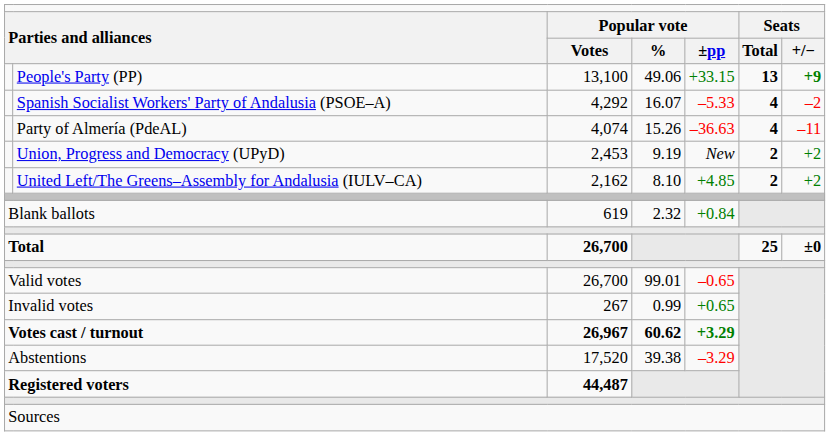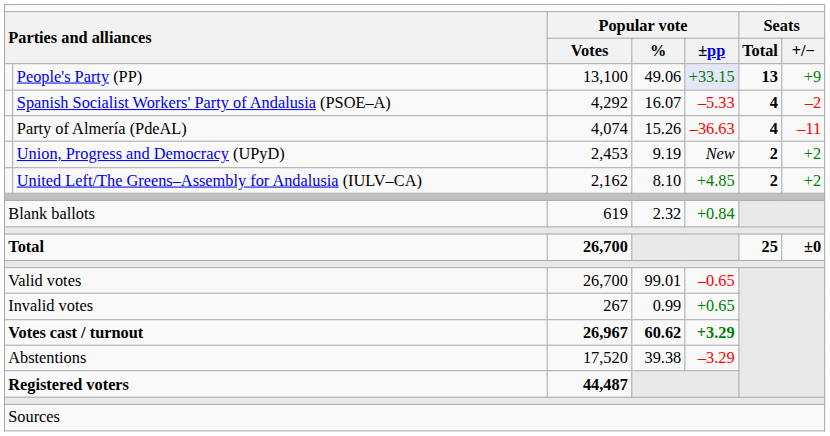 <table class="wikitable" style="text-align:right;">
 <tr>
 <td colspan="7"></td>
 </tr>
 <tr>
 <th style="text-align:left;" rowspan="2" colspan="2" width="525">Parties and alliances</th>
 <th colspan="3">Popular vote</th>
 <th colspan="2">Seats</th>
 </tr>
 <tr>
 <th width="75">Votes</th>
 <th width="45">%</th>
 <th width="45">±<a href='#'>pp</a></th>
 <th width="35">Total</th>
 <th width="35">+/−</th>
 </tr>
 <tr>
 <td width="1" style="color:inherit;background:"></td>
 <td align="left"><a href='#'>People's Party</a> (PP)</td>
 <td>13,100</td>
 <td>49.06</td>
-<td style="color:green;">+33.15</td>
+<td style="background: lavender; color:green;">+33.15</td>
 <td><strong>13</strong></td>
-<td style="color:green;"><strong>+9</strong></td>
+<td style="color:green;">+9</td>
 </tr>
 <tr>
 <td style="color:inherit;background:"></td>
 <td align="left"><a href='#'>Spanish Socialist Workers' Party of Andalusia</a> (PSOE–A)</td>
 <td>4,292</td>
 <td>16.07</td>
 <td style="color:red;">–5.33</td>
 <td><strong>4</strong></td>
 <td style="color:red;">–2</td>
 </tr>
 <tr>
 <td style="color:inherit;background:"></td>
 <td align="left">Party of Almería (PdeAL)</td>
 <td>4,074</td>
 <td>15.26</td>
 <td style="color:red;">–36.63</td>
 <td><strong>4</strong></td>
 <td style="color:red;">–11</td>
 </tr>
 <tr>
 <td style="color:inherit;background:"></td>
 <td align="left"><a href='#'>Union, Progress and Democracy</a> (UPyD)</td>
 <td>2,453</td>
 <td>9.19</td>
 <td><em>New</em></td>
 <td><strong>2</strong></td>
 <td style="color:green;">+2</td>
 </tr>
 <tr>
 <td style="color:inherit;background:"></td>
 <td align="left"><a href='#'>United Left/The Greens–Assembly for Andalusia</a> (IULV–CA)</td>
 <td>2,162</td>
 <td>8.10</td>
 <td style="color:green;">+4.85</td>
 <td><strong>2</strong></td>
 <td style="color:green;">+2</td>
 </tr>
 <tr>
 <td colspan="7" bgcolor="#C0C0C0"></td>
 </tr>
 <tr>
 <td align="left" colspan="2">Blank ballots</td>
 <td>619</td>
 <td>2.32</td>
 <td style="color:green;">+0.84</td>
 <td bgcolor="#E9E9E9" colspan="2"></td>
 </tr>
 <tr>
 <td colspan="7" bgcolor="#E9E9E9"></td>
 </tr>
 <tr style="font-weight:bold;">
 <td align="left" colspan="2">Total</td>
 <td>26,700</td>
 <td bgcolor="#E9E9E9" colspan="2"></td>
 <td>25</td>
 <td>±0</td>
 </tr>
 <tr>
 <td colspan="7" bgcolor="#E9E9E9"></td>
 </tr>
 <tr>
 <td align="left" colspan="2">Valid votes</td>
 <td>26,700</td>
 <td>99.01</td>
 <td style="color:red;">–0.65</td>
 <td bgcolor="#E9E9E9" colspan="2" rowspan="5"></td>
 </tr>
 <tr>
 <td align="left" colspan="2">Invalid votes</td>
 <td>267</td>
 <td>0.99</td>
 <td style="color:green;">+0.65</td>
 </tr>
 <tr style="font-weight:bold;">
 <td align="left" colspan="2">Votes cast / turnout</td>
 <td>26,967</td>
 <td>60.62</td>
 <td style="color:green;">+3.29</td>
 </tr>
 <tr>
 <td align="left" colspan="2">Abstentions</td>
 <td>17,520</td>
 <td>39.38</td>
 <td style="color:red;">–3.29</td>
 </tr>
 <tr style="font-weight:bold;">
 <td align="left" colspan="2">Registered voters</td>
 <td>44,487</td>
 <td bgcolor="#E9E9E9" colspan="2"></td>
 </tr>
 <tr>
 <td colspan="7" bgcolor="#E9E9E9"></td>
 </tr>
 <tr>
 <td align="left" colspan="7">Sources</td>
 </tr>
 </table>
